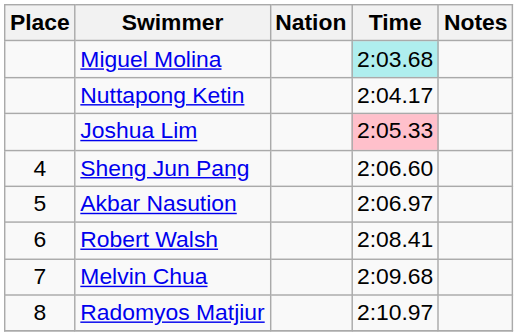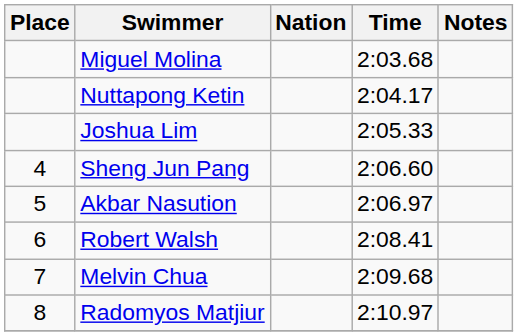 <table class="wikitable sortable" style="text-align:center">
 <tr>
 <th>Place</th>
 <th>Swimmer</th>
 <th>Nation</th>
 <th>Time</th>
 <th>Notes</th>
 </tr>
 <tr>
 <td></td>
 <td align=left><a href='#'>Miguel Molina</a></td>
 <td align=left></td>
-<td style="background: paleturquoise;">2:03.68</td>
+<td>2:03.68</td>
 <td></td>
 </tr>
 <tr>
 <td></td>
 <td align=left><a href='#'>Nuttapong Ketin</a></td>
 <td align=left></td>
 <td>2:04.17</td>
 <td></td>
 </tr>
 <tr>
 <td></td>
 <td align=left><a href='#'>Joshua Lim</a></td>
 <td align=left></td>
-<td style="background: pink;">2:05.33</td>
+<td>2:05.33</td>
 <td></td>
 </tr>
 <tr>
 <td>4</td>
 <td align=left><a href='#'>Sheng Jun Pang</a></td>
 <td align=left></td>
 <td>2:06.60</td>
 <td></td>
 </tr>
 <tr>
 <td>5</td>
 <td align=left><a href='#'>Akbar Nasution</a></td>
 <td align=left></td>
 <td>2:06.97</td>
 <td></td>
 </tr>
 <tr>
 <td>6</td>
 <td align=left><a href='#'>Robert Walsh</a></td>
 <td align=left></td>
 <td>2:08.41</td>
 <td></td>
 </tr>
 <tr>
 <td>7</td>
 <td align=left><a href='#'>Melvin Chua</a></td>
 <td align=left></td>
 <td>2:09.68</td>
 <td></td>
 </tr>
 <tr>
 <td>8</td>
 <td align=left><a href='#'>Radomyos Matjiur</a></td>
 <td align=left></td>
 <td>2:10.97</td>
 <td></td>
 </tr>
 <tr>
 </tr>
 </table>
